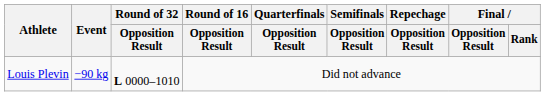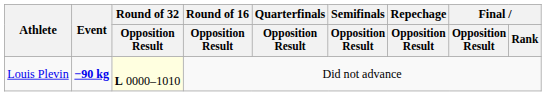 <table class="wikitable" style="font-size:90%;">
 <tr>
 <th rowspan=2>Athlete</th>
 <th rowspan=2>Event</th>
 <th>Round of 32</th>
 <th>Round of 16</th>
 <th>Quarterfinals</th>
 <th>Semifinals</th>
 <th>Repechage</th>
 <th colspan=2>Final / </th>
 </tr>
 <tr style="font-size:95%">
 <th>Opposition<br>Result</th>
 <th>Opposition<br>Result</th>
 <th>Opposition<br>Result</th>
 <th>Opposition<br>Result</th>
 <th>Opposition<br>Result</th>
 <th>Opposition<br>Result</th>
 <th>Rank</th>
 </tr>
 <tr align=center>
 <td align=left><a href='#'>Louis Plevin</a></td>
-<td align=left><a href='#'>−90 kg</a></td>
-<td><br><strong>L</strong> 0000–1010</td>
+<td align=left><strong><a href='#'>−90 kg</a></strong></td>
+<td style="background: lightyellow;"><br><strong>L</strong> 0000–1010</td>
 <td colspan=6>Did not advance</td>
 </tr>
 </table>
